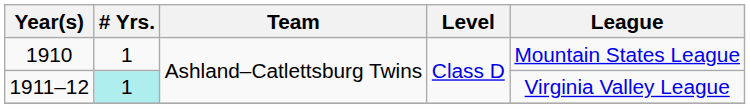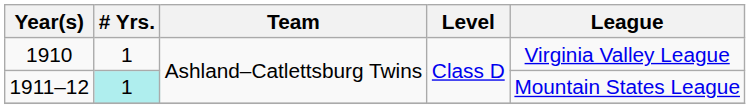 <table class="wikitable" style="text-align:center; font-size: 95%;">
 <tr>
 <th>Year(s)</th>
 <th># Yrs.</th>
 <th>Team</th>
 <th>Level</th>
 <th>League</th>
 </tr>
 <tr>
 <td>1910</td>
 <td>1</td>
 <td rowspan=2>Ashland–Catlettsburg Twins</td>
 <td rowspan=2><a href='#'>Class D</a></td>
-<td><a href='#'>Mountain States League</a></td>
+<td><a href='#'>Virginia Valley League</a></td>
 </tr>
 <tr>
 <td>1911–12</td>
 <td style="background: paleturquoise;">1</td>
-<td><a href='#'>Virginia Valley League</a></td>
+<td><a href='#'>Mountain States League</a></td>
 </tr>
 <tr>
 </tr>
 </table>
